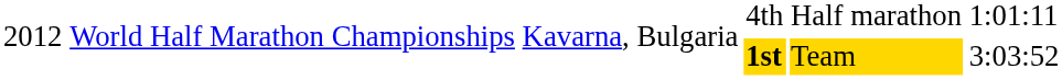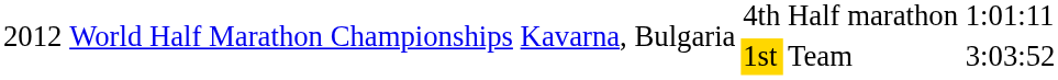 <table>
 <tr>
 <td rowspan=2>2012</td>
 <td rowspan=2><a href='#'>World Half Marathon Championships</a></td>
 <td rowspan=2><a href='#'>Kavarna</a>, Bulgaria</td>
 <td>4th</td>
 <td>Half marathon</td>
 <td>1:01:11</td>
 </tr>
 <tr>
-<td bgcolor=gold><strong>1st</strong></td>
-<td style="background: gold;">Team</td>
+<td bgcolor=gold>1st</td>
+<td>Team</td>
 <td>3:03:52</td>
 </tr>
 </table>
